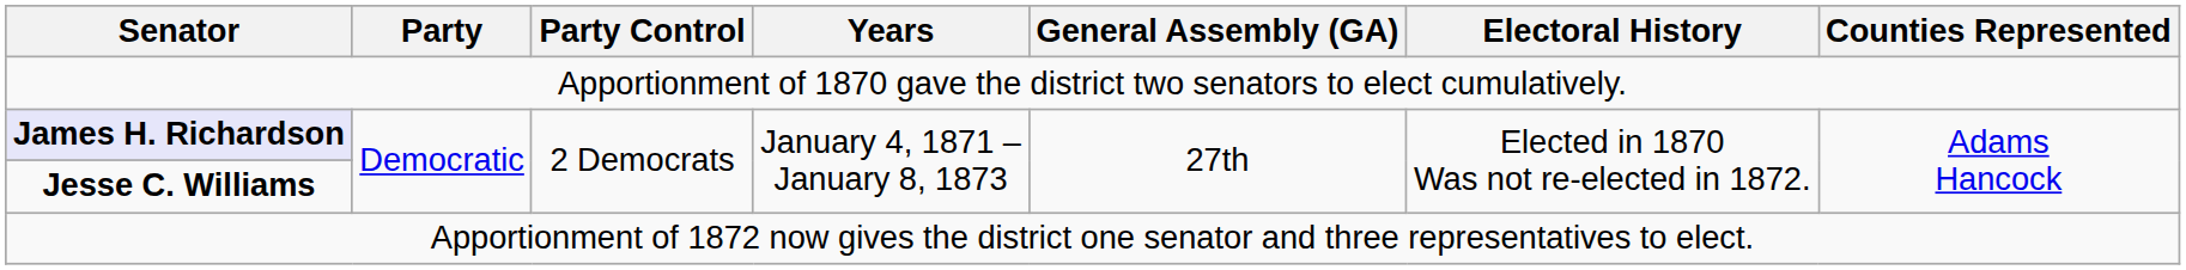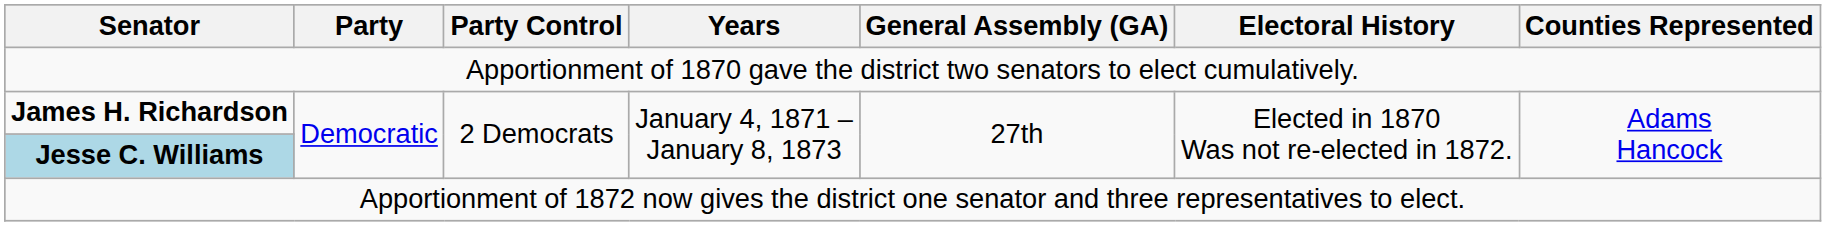 <table class="wikitable" style="text-align:center">
 <tr>
 <th>Senator</th>
 <th>Party</th>
 <th>Party Control</th>
 <th>Years</th>
 <th>General Assembly (GA)</th>
 <th>Electoral History</th>
 <th>Counties Represented</th>
 </tr>
 <tr>
 <td colspan=7>Apportionment of 1870 gave the district two senators to elect cumulatively.</td>
 </tr>
 <tr>
-<td style="background: lavender;"><strong>James H. Richardson</strong></td>
+<td><strong>James H. Richardson</strong></td>
 <td rowspan=2 ><a href='#'>Democratic</a></td>
 <td rowspan=2 >2 Democrats</td>
 <td rowspan=2>January 4, 1871 –<br>January 8, 1873</td>
 <td rowspan=2>27th</td>
 <td rowspan=2>Elected in 1870<br>Was not re-elected in 1872.</td>
 <td rowspan=2><a href='#'>Adams</a><br><a href='#'>Hancock</a></td>
 </tr>
 <tr>
-<td><strong>Jesse C. Williams</strong></td>
+<td style="background: lightblue;"><strong>Jesse C. Williams</strong></td>
 </tr>
 <tr>
 <td colspan=7>Apportionment of 1872 now gives the district one senator and three representatives to elect.</td>
 </tr>
 </table>
